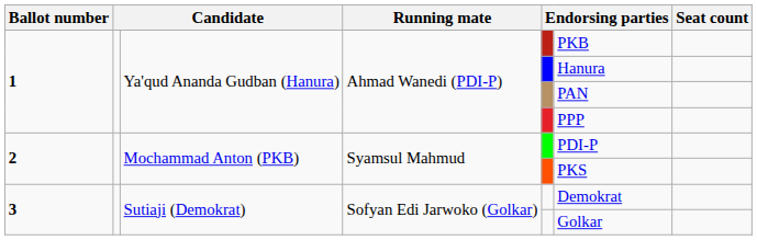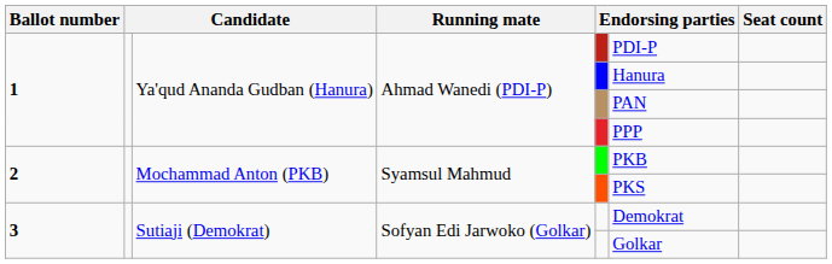 <table class="wikitable">
 <tr>
 <th>Ballot number</th>
 <th colspan="2">Candidate</th>
 <th>Running mate</th>
 <th colspan="2">Endorsing parties</th>
 <th>Seat count</th>
 </tr>
 <tr>
 <td rowspan=4><strong>1</strong></td>
 <td rowspan=4 bgcolor=></td>
 <td rowspan=4>Ya'qud Ananda Gudban (<a href='#'>Hanura</a>)</td>
 <td rowspan=4>Ahmad Wanedi (<a href='#'>PDI-P</a>)</td>
 <td bgcolor=#BD2016></td>
-<td><a href='#'>PKB</a></td>
+<td><a href='#'>PDI-P</a></td>
 <td></td>
 </tr>
 <tr>
 <td bgcolor=#0000FF></td>
 <td><a href='#'>Hanura</a></td>
 <td></td>
 </tr>
 <tr>
 <td bgcolor=#B79164></td>
 <td><a href='#'>PAN</a></td>
 <td></td>
 </tr>
 <tr>
 <td bgcolor=#E6212A></td>
 <td><a href='#'>PPP</a></td>
 <td></td>
 </tr>
 <tr>
 <td rowspan=2><strong>2</strong></td>
 <td rowspan=2 bgcolor=></td>
 <td rowspan=2><a href='#'>Mochammad Anton</a> (<a href='#'>PKB</a>)</td>
 <td rowspan=2>Syamsul Mahmud</td>
 <td bgcolor=#00FF00></td>
-<td><a href='#'>PDI-P</a></td>
+<td><a href='#'>PKB</a></td>
 <td></td>
 </tr>
 <tr>
 <td bgcolor=#FF4F00></td>
 <td><a href='#'>PKS</a></td>
 <td></td>
 </tr>
 <tr>
 <td rowspan=2><strong>3</strong></td>
 <td rowspan=2 bgcolor=></td>
 <td rowspan=2><a href='#'>Sutiaji</a> (<a href='#'>Demokrat</a>)</td>
 <td rowspan=2>Sofyan Edi Jarwoko (<a href='#'>Golkar</a>)</td>
 <td bgcolor=></td>
 <td><a href='#'>Demokrat</a></td>
 <td></td>
 </tr>
 <tr>
 <td bgcolor=></td>
 <td><a href='#'>Golkar</a></td>
 <td></td>
 </tr>
 </table>
